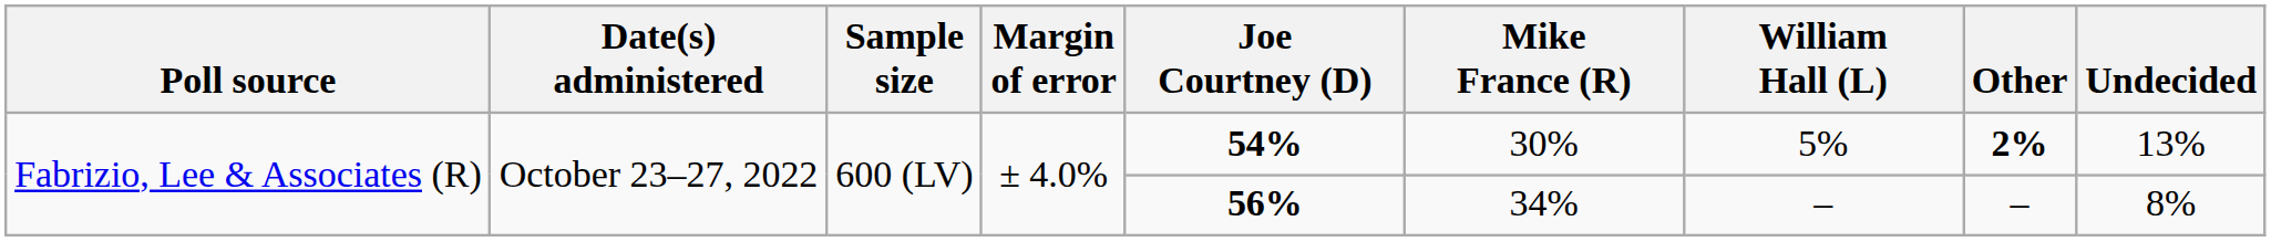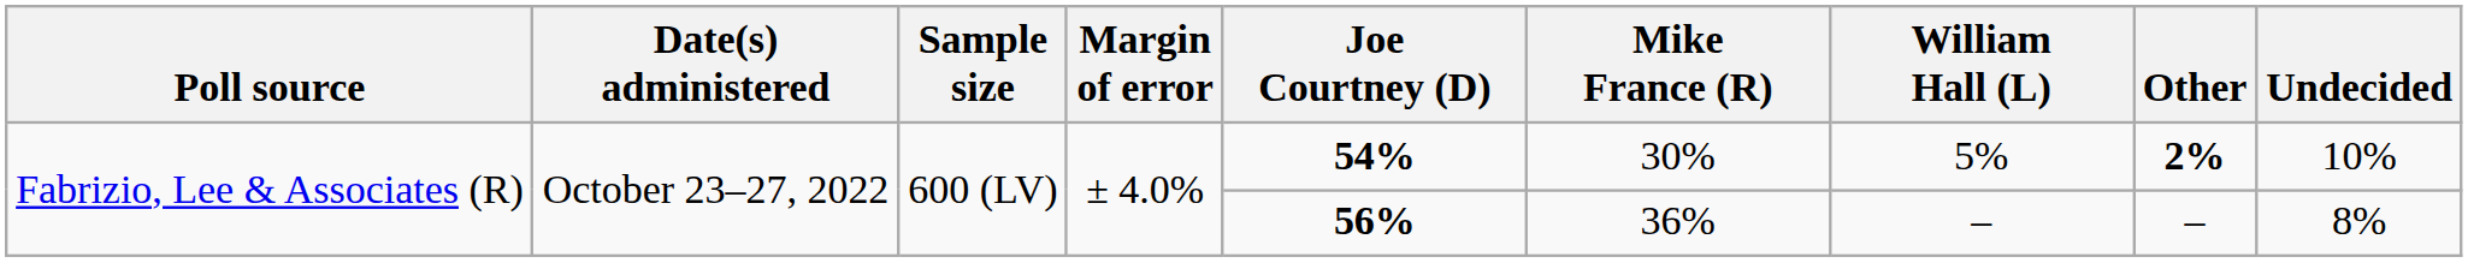 <table class="wikitable" style="font-size:90%;text-align:center;">
 <tr valign=bottom>
 <th>Poll source</th>
 <th>Date(s)<br>administered</th>
 <th>Sample<br>size</th>
 <th>Margin<br>of error</th>
 <th style="width:100px;">Joe<br>Courtney (D)</th>
 <th style="width:100px;">Mike<br>France (R)</th>
 <th style="width:100px;">William<br>Hall (L)</th>
 <th>Other</th>
 <th>Undecided</th>
 </tr>
 <tr>
 <td rowspan=2 style="text-align:left;"><a href='#'>Fabrizio, Lee & Associates</a> (R)</td>
 <td rowspan=2>October 23–27, 2022</td>
 <td rowspan=2>600 (LV)</td>
 <td rowspan=2>± 4.0%</td>
 <td><strong>54%</strong></td>
 <td>30%</td>
 <td>5%</td>
 <td><strong>2%</strong></td>
-<td>13%</td>
+<td>10%</td>
 </tr>
 <tr>
 <td><strong>56%</strong></td>
-<td>34%</td>
+<td>36%</td>
 <td>–</td>
 <td>–</td>
 <td>8%</td>
 </tr>
 </table>
